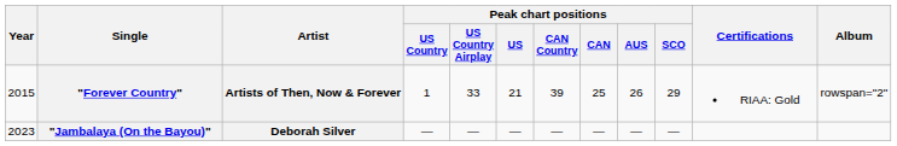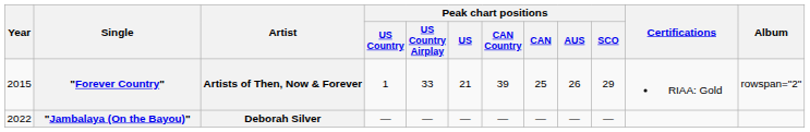 <table class="wikitable plainrowheaders" style="text-align:center;">
 <tr>
 <th rowspan="2">Year</th>
 <th rowspan="2" style="width:15em;">Single</th>
 <th rowspan="2">Artist</th>
 <th colspan="7">Peak chart positions</th>
 <th rowspan="2" style="width:10em;"><a href='#'>Certifications</a></th>
 <th rowspan="2">Album</th>
 </tr>
 <tr>
 <th scope="col" style="width:3em;font-size:90%;"><a href='#'>US Country</a></th>
 <th scope="col" style="width:3em;font-size:90%;"><a href='#'>US Country Airplay</a></th>
 <th scope="col" style="width:3em;font-size:90%;"><a href='#'>US</a></th>
 <th scope="col" style="width:3em;font-size:90%;"><a href='#'>CAN Country</a></th>
 <th scope="col" style="width:3em;font-size:90%;"><a href='#'>CAN</a></th>
 <th scope="col" style="width:3em;font-size:90%;"><a href='#'>AUS</a></th>
 <th scope="col" style="width:3em;font-size:90%;"><a href='#'>SCO</a></th>
 </tr>
 <tr>
 <td>2015</td>
 <th scope="row">"<a href='#'>Forever Country</a>"</th>
 <th scope="row">Artists of Then, Now & Forever</th>
 <td>1</td>
 <td>33</td>
 <td>21</td>
 <td>39</td>
 <td>25</td>
 <td>26</td>
 <td>29</td>
 <td><br><ul><li>RIAA: Gold</li></ul></td>
 <td>rowspan="2" </td>
 </tr>
 <tr>
-<td>2023</td>
+<td>2022</td>
 <th scope="row">"<a href='#'>Jambalaya (On the Bayou)</a>"</th>
 <th scope="row">Deborah Silver</th>
 <td>—</td>
 <td>—</td>
 <td>—</td>
 <td>—</td>
 <td>—</td>
 <td>—</td>
 <td>—</td>
 <td></td>
 </tr>
 </table>
